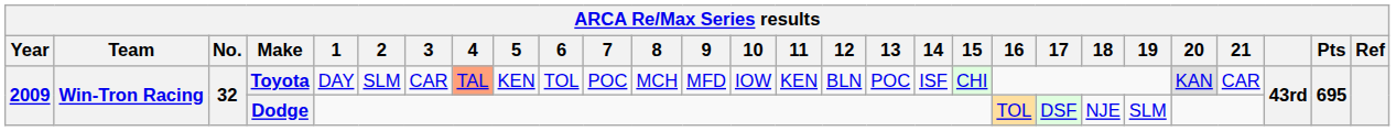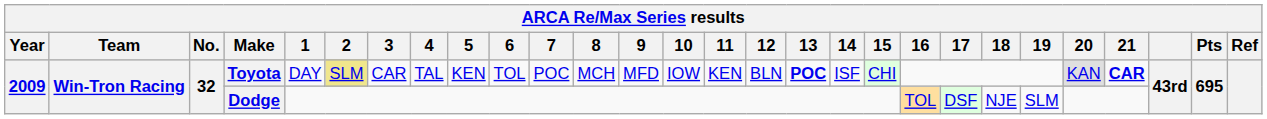 <table class="wikitable" style="text-align:center; font-size:75%">
 <tr>
 <th colspan=48><a href='#'>ARCA Re/Max Series</a> results</th>
 </tr>
 <tr>
 <th>Year</th>
 <th>Team</th>
 <th>No.</th>
 <th>Make</th>
 <th>1</th>
 <th>2</th>
 <th>3</th>
 <th>4</th>
 <th>5</th>
 <th>6</th>
 <th>7</th>
 <th>8</th>
 <th>9</th>
 <th>10</th>
 <th>11</th>
 <th>12</th>
 <th>13</th>
 <th>14</th>
 <th>15</th>
 <th>16</th>
 <th>17</th>
 <th>18</th>
 <th>19</th>
 <th>20</th>
 <th>21</th>
 <th></th>
 <th>Pts</th>
 <th>Ref</th>
 </tr>
 <tr>
 <th rowspan=2><a href='#'>2009</a></th>
 <th rowspan=2><a href='#'>Win-Tron Racing</a></th>
 <th rowspan=2>32</th>
 <th><a href='#'>Toyota</a></th>
 <td><a href='#'>DAY</a></td>
-<td><a href='#'>SLM</a></td>
+<td style="background: khaki;"><a href='#'>SLM</a></td>
 <td><a href='#'>CAR</a></td>
-<td style="background: lightsalmon;"><a href='#'>TAL</a></td>
+<td><a href='#'>TAL</a></td>
 <td><a href='#'>KEN</a></td>
 <td><a href='#'>TOL</a></td>
 <td><a href='#'>POC</a></td>
 <td><a href='#'>MCH</a></td>
 <td><a href='#'>MFD</a></td>
 <td><a href='#'>IOW</a></td>
 <td><a href='#'>KEN</a></td>
 <td><a href='#'>BLN</a></td>
-<td><a href='#'>POC</a></td>
+<td><strong><a href='#'>POC</a></strong></td>
 <td><a href='#'>ISF</a></td>
 <td style="background:#DFFFDF;"><a href='#'>CHI</a><br></td>
 <td colspan=4></td>
 <td style="background:#DFDFDF;"><a href='#'>KAN</a><br></td>
-<td><a href='#'>CAR</a></td>
+<td><strong><a href='#'>CAR</a></strong></td>
 <th rowspan=2>43rd</th>
 <th rowspan=2>695</th>
 <th rowspan=2></th>
 </tr>
 <tr>
 <th><a href='#'>Dodge</a></th>
 <td colspan=15></td>
 <td style="background:#FFDF9F;"><a href='#'>TOL</a><br></td>
 <td style="background:#DFFFDF;"><a href='#'>DSF</a><br></td>
 <td><a href='#'>NJE</a></td>
 <td><a href='#'>SLM</a></td>
 <td colspan=2></td>
 </tr>
 </table>
